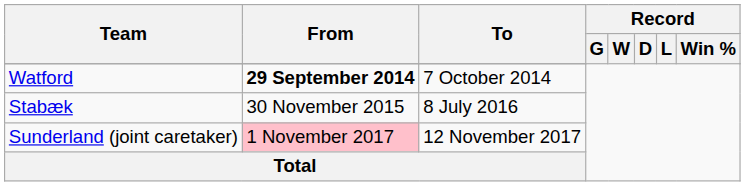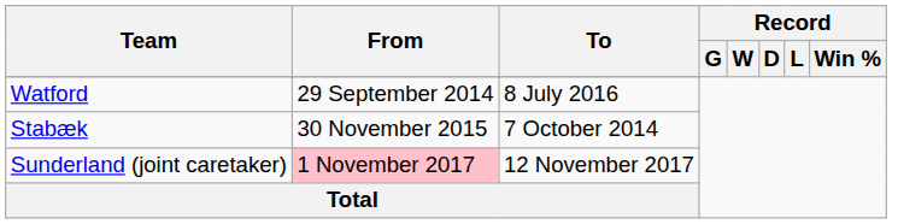 <table class="wikitable" style="text-align: center">
 <tr>
 <th rowspan="2">Team</th>
 <th rowspan="2">From</th>
 <th rowspan="2">To</th>
 <th colspan="5">Record</th>
 </tr>
 <tr>
 <th>G</th>
 <th>W</th>
 <th>D</th>
 <th>L</th>
 <th>Win %</th>
 </tr>
 <tr>
 </tr>
 <tr>
 <td align=left><a href='#'>Watford</a></td>
-<td align=left><strong>29 September 2014</strong></td>
-<td align=left>7 October 2014<br></td>
+<td align=left>29 September 2014</td>
+<td align=left>8 July 2016<br></td>
 </tr>
 <tr>
 <td align=left><a href='#'>Stabæk</a></td>
 <td align=left>30 November 2015</td>
-<td align=left>8 July 2016<br></td>
+<td align=left>7 October 2014<br></td>
 </tr>
 <tr>
 <td align=left><a href='#'>Sunderland</a> (joint caretaker)</td>
 <td align=left style="background: pink;">1 November 2017</td>
 <td align=left>12 November 2017<br></td>
 </tr>
 <tr>
 <th colspan="3">Total<br></th>
 </tr>
 </table>
